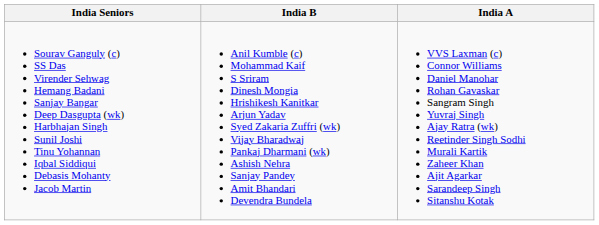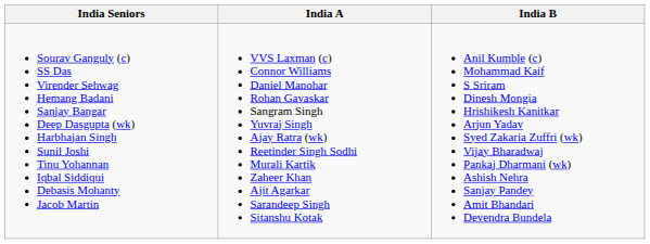 <table class="wikitable">
 <tr>
 <th style="width:15%;"> India Seniors </th>
+<th style="width:15%;"> India A </th>
 <th style="width:15%;"> India B </th>
-<th style="width:15%;"> India A </th>
 </tr>
 <tr style="vertical-align:top">
 <td><br><ul><li><a href='#'>Sourav Ganguly</a> (<a href='#'>c</a>)</li><li><a href='#'>SS Das</a></li><li><a href='#'>Virender Sehwag</a></li><li><a href='#'>Hemang Badani</a></li><li><a href='#'>Sanjay Bangar</a></li><li><a href='#'>Deep Dasgupta</a> (<a href='#'>wk</a>)</li><li><a href='#'>Harbhajan Singh</a></li><li><a href='#'>Sunil Joshi</a></li><li><a href='#'>Tinu Yohannan</a></li><li><a href='#'>Iqbal Siddiqui</a></li><li><a href='#'>Debasis Mohanty</a></li><li><a href='#'>Jacob Martin</a></li></ul></td>
+<td><br><ul><li><a href='#'>VVS Laxman</a> (<a href='#'>c</a>)</li><li><a href='#'>Connor Williams</a></li><li><a href='#'>Daniel Manohar</a></li><li><a href='#'>Rohan Gavaskar</a></li><li>Sangram Singh</li><li><a href='#'>Yuvraj Singh</a></li><li><a href='#'>Ajay Ratra</a> (<a href='#'>wk</a>)</li><li><a href='#'>Reetinder Singh Sodhi</a></li><li><a href='#'>Murali Kartik</a></li><li><a href='#'>Zaheer Khan</a></li><li><a href='#'>Ajit Agarkar</a></li><li><a href='#'>Sarandeep Singh</a></li><li><a href='#'>Sitanshu Kotak</a></li></ul></td>
 <td><br><ul><li><a href='#'>Anil Kumble</a> (<a href='#'>c</a>)</li><li><a href='#'>Mohammad Kaif</a></li><li><a href='#'>S Sriram</a></li><li><a href='#'>Dinesh Mongia</a></li><li><a href='#'>Hrishikesh Kanitkar</a></li><li><a href='#'>Arjun Yadav</a></li><li><a href='#'>Syed Zakaria Zuffri</a> (<a href='#'>wk</a>)</li><li><a href='#'>Vijay Bharadwaj</a></li><li><a href='#'>Pankaj Dharmani</a> (<a href='#'>wk</a>)</li><li><a href='#'>Ashish Nehra</a></li><li><a href='#'>Sanjay Pandey</a></li><li><a href='#'>Amit Bhandari</a></li><li><a href='#'>Devendra Bundela</a></li></ul></td>
-<td><br><ul><li><a href='#'>VVS Laxman</a> (<a href='#'>c</a>)</li><li><a href='#'>Connor Williams</a></li><li><a href='#'>Daniel Manohar</a></li><li><a href='#'>Rohan Gavaskar</a></li><li>Sangram Singh</li><li><a href='#'>Yuvraj Singh</a></li><li><a href='#'>Ajay Ratra</a> (<a href='#'>wk</a>)</li><li><a href='#'>Reetinder Singh Sodhi</a></li><li><a href='#'>Murali Kartik</a></li><li><a href='#'>Zaheer Khan</a></li><li><a href='#'>Ajit Agarkar</a></li><li><a href='#'>Sarandeep Singh</a></li><li><a href='#'>Sitanshu Kotak</a></li></ul></td>
 </tr>
 </table>
